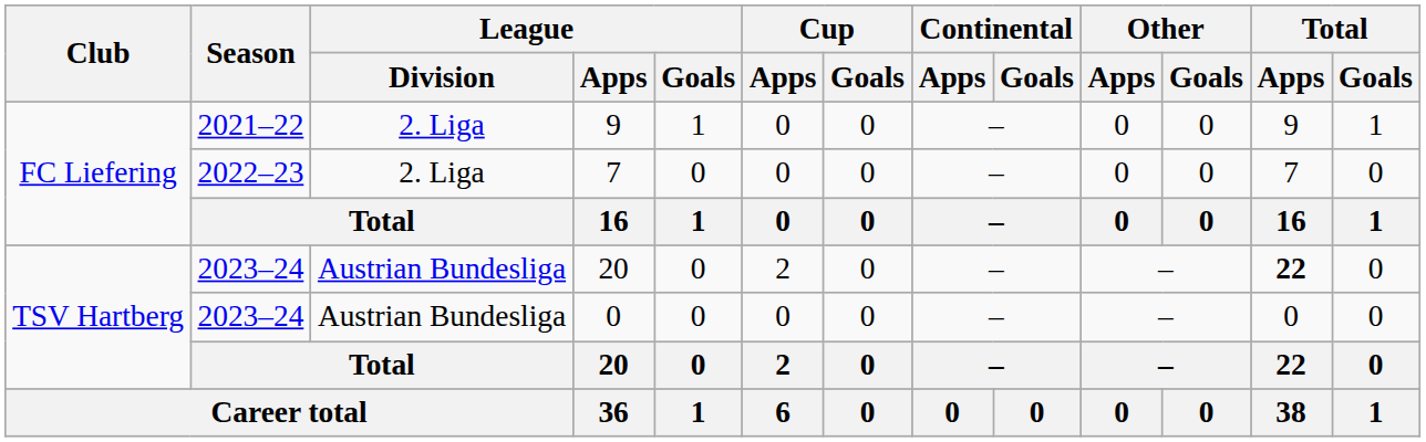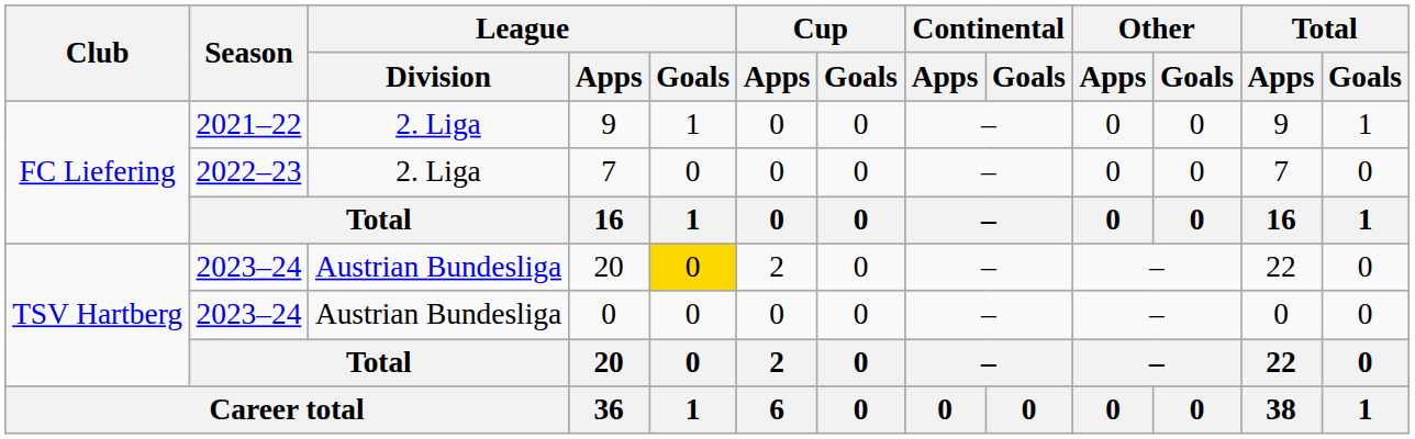 <table class="wikitable" style="text-align: center">
 <tr>
 <th rowspan="2">Club</th>
 <th rowspan="2">Season</th>
 <th colspan="3">League</th>
 <th colspan="2">Cup</th>
 <th colspan="2">Continental</th>
 <th colspan="2">Other</th>
 <th colspan="2">Total</th>
 </tr>
 <tr>
 <th>Division</th>
 <th>Apps</th>
 <th>Goals</th>
 <th>Apps</th>
 <th>Goals</th>
 <th>Apps</th>
 <th>Goals</th>
 <th>Apps</th>
 <th>Goals</th>
 <th>Apps</th>
 <th>Goals</th>
 </tr>
 <tr>
 <td rowspan="3"><a href='#'>FC Liefering</a></td>
 <td><a href='#'>2021–22</a></td>
 <td><a href='#'>2. Liga</a></td>
 <td>9</td>
 <td>1</td>
 <td>0</td>
 <td>0</td>
 <td colspan="2">–</td>
 <td>0</td>
 <td>0</td>
 <td>9</td>
 <td>1</td>
 </tr>
 <tr>
 <td><a href='#'>2022–23</a></td>
 <td>2. Liga</td>
 <td>7</td>
 <td>0</td>
 <td>0</td>
 <td>0</td>
 <td colspan="2">–</td>
 <td>0</td>
 <td>0</td>
 <td>7</td>
 <td>0</td>
 </tr>
 <tr>
 <th colspan="2">Total</th>
 <th>16</th>
 <th>1</th>
 <th>0</th>
 <th>0</th>
 <th colspan="2">–</th>
 <th>0</th>
 <th>0</th>
 <th>16</th>
 <th>1</th>
 </tr>
 <tr>
 <td rowspan="3"><a href='#'>TSV Hartberg</a></td>
 <td><a href='#'>2023–24</a></td>
 <td><a href='#'>Austrian Bundesliga</a></td>
 <td>20</td>
-<td>0</td>
+<td style="background: gold;">0</td>
 <td>2</td>
 <td>0</td>
 <td colspan="2">–</td>
 <td colspan="2">–</td>
-<td><strong>22</strong></td>
+<td>22</td>
 <td>0</td>
 </tr>
 <tr>
 <td><a href='#'>2023–24</a></td>
 <td>Austrian Bundesliga</td>
 <td>0</td>
 <td>0</td>
 <td>0</td>
 <td>0</td>
 <td colspan="2">–</td>
 <td colspan="2">–</td>
 <td>0</td>
 <td>0</td>
 </tr>
 <tr>
 <th colspan="2">Total</th>
 <th>20</th>
 <th>0</th>
 <th>2</th>
 <th>0</th>
 <th colspan="2">–</th>
 <th colspan="2">–</th>
 <th>22</th>
 <th>0</th>
 </tr>
 <tr>
 <th colspan="3"><strong>Career total</strong></th>
 <th>36</th>
 <th>1</th>
 <th>6</th>
 <th>0</th>
 <th>0</th>
 <th>0</th>
 <th>0</th>
 <th>0</th>
 <th>38</th>
 <th>1</th>
 </tr>
 </table>
